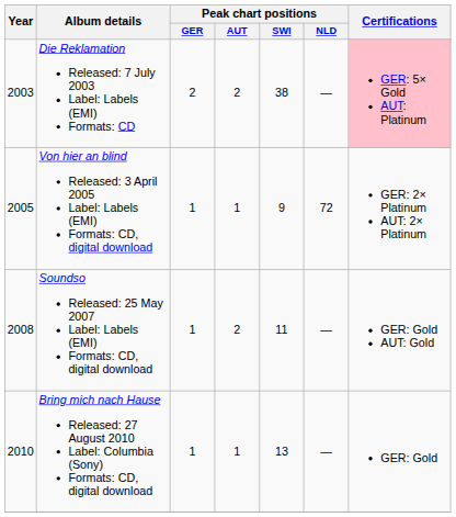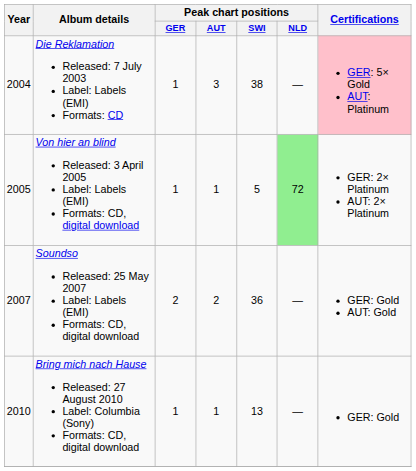 <table class="wikitable">
 <tr>
 <th rowspan="2">Year</th>
 <th rowspan="2">Album details</th>
 <th colspan="4">Peak chart positions</th>
 <th rowspan="2"><a href='#'>Certifications</a></th>
 </tr>
 <tr>
 <th style="width:4em;font-size:85%"><a href='#'>GER</a></th>
 <th style="width:4em;font-size:85%"><a href='#'>AUT</a></th>
 <th style="width:4em;font-size:85%"><a href='#'>SWI</a></th>
 <th style="width:4em;font-size:85%"><a href='#'>NLD</a></th>
 </tr>
 <tr>
-<td>2003</td>
+<td>2004</td>
 <td><em><a href='#'>Die Reklamation</a></em><br><ul><li>Released: 7 July 2003</li><li>Label: Labels (EMI)</li><li>Formats: <a href='#'>CD</a></li></ul></td>
-<td align="center">2</td>
-<td align="center">2</td>
+<td align="center">1</td>
+<td align="center">3</td>
 <td align="center">38</td>
 <td align="center">—</td>
 <td style="background: pink;"><br><ul><li><a href='#'>GER</a>: 5× Gold</li><li><a href='#'>AUT</a>: Platinum</li></ul></td>
 </tr>
 <tr>
 <td>2005</td>
 <td><em><a href='#'>Von hier an blind</a></em><br><ul><li>Released: 3 April 2005</li><li>Label: Labels (EMI)</li><li>Formats: CD, <a href='#'>digital download</a></li></ul></td>
 <td align="center">1</td>
 <td align="center">1</td>
-<td align="center">9</td>
-<td align="center">72</td>
+<td align="center">5</td>
+<td align="center" style="background: lightgreen;">72</td>
 <td><br><ul><li>GER: 2× Platinum</li><li>AUT: 2× Platinum</li></ul></td>
 </tr>
 <tr>
-<td>2008</td>
+<td>2007</td>
 <td><em><a href='#'>Soundso</a></em><br><ul><li>Released: 25 May 2007</li><li>Label: Labels (EMI)</li><li>Formats: CD, digital download</li></ul></td>
-<td align="center">1</td>
 <td align="center">2</td>
-<td align="center">11</td>
+<td align="center">2</td>
+<td align="center">36</td>
 <td align="center">—</td>
 <td><br><ul><li>GER: Gold</li><li>AUT: Gold</li></ul></td>
 </tr>
 <tr>
 <td>2010</td>
 <td><em><a href='#'>Bring mich nach Hause</a></em><br><ul><li>Released: 27 August 2010</li><li>Label: Columbia (Sony)</li><li>Formats: CD, digital download</li></ul></td>
 <td align="center">1</td>
 <td align="center">1</td>
 <td align="center">13</td>
 <td align="center">—</td>
 <td><br><ul><li>GER: Gold</li></ul></td>
 </tr>
 <tr>
 </tr>
 </table>
